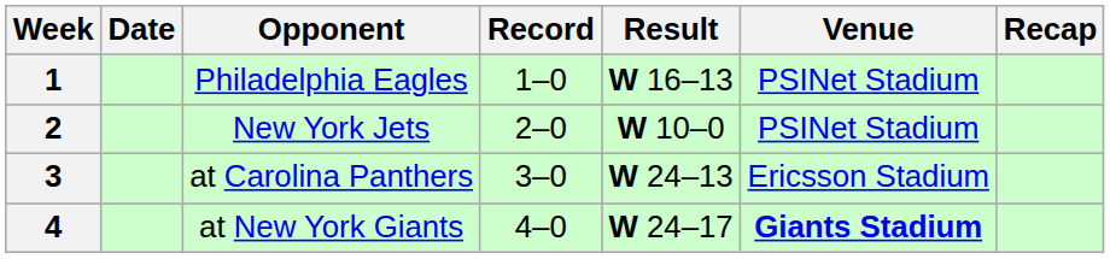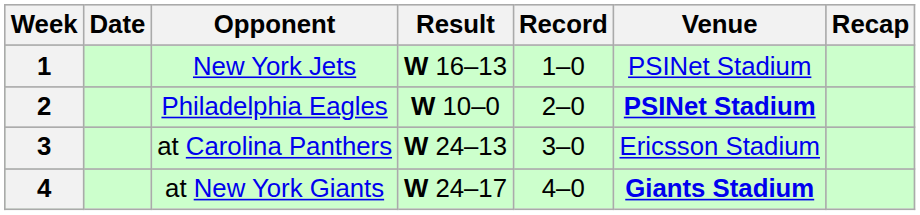 <table class="wikitable" style="text-align:center">
 <tr>
 <th>Week</th>
 <th>Date</th>
 <th>Opponent</th>
+<th>Result</th>
 <th>Record</th>
-<th>Result</th>
 <th>Venue</th>
 <th>Recap</th>
 </tr>
 <tr style="background:#cfc">
 <th>1</th>
 <td></td>
-<td><a href='#'>Philadelphia Eagles</a></td>
+<td><a href='#'>New York Jets</a></td>
+<td><strong>W</strong> 16–13</td>
 <td>1–0</td>
-<td><strong>W</strong> 16–13</td>
 <td><a href='#'>PSINet Stadium</a></td>
 <td></td>
 </tr>
 <tr style="background:#cfc">
 <th>2</th>
 <td></td>
-<td><a href='#'>New York Jets</a></td>
+<td><a href='#'>Philadelphia Eagles</a></td>
+<td><strong>W</strong> 10–0</td>
 <td>2–0</td>
-<td><strong>W</strong> 10–0</td>
-<td><a href='#'>PSINet Stadium</a></td>
+<td><strong><a href='#'>PSINet Stadium</a></strong></td>
 <td></td>
 </tr>
 <tr style="background:#cfc">
 <th>3</th>
 <td></td>
 <td>at <a href='#'>Carolina Panthers</a></td>
+<td><strong>W</strong> 24–13</td>
 <td>3–0</td>
-<td><strong>W</strong> 24–13</td>
 <td><a href='#'>Ericsson Stadium</a></td>
 <td></td>
 </tr>
 <tr style="background:#cfc">
 <th>4</th>
 <td></td>
 <td>at <a href='#'>New York Giants</a></td>
+<td><strong>W</strong> 24–17</td>
 <td>4–0</td>
-<td><strong>W</strong> 24–17</td>
 <td><strong><a href='#'>Giants Stadium</a></strong></td>
 <td></td>
 </tr>
 </table>
